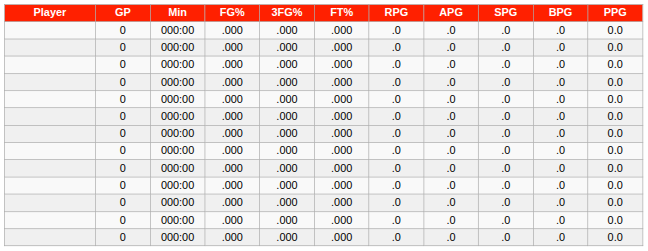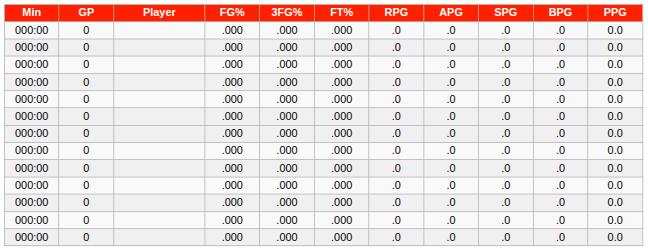 <table class="wikitable sortable">
 <tr>
+<th style="background:#ff2000; color:#fff; width:6%;">Min</th>
+<th style="background:#ff2000; color:#fff; width:6%;">GP</th>
 <th style="background:#ff2000; color:#fff; width:10%;">Player</th>
-<th style="background:#ff2000; color:#fff; width:6%;">GP</th>
-<th style="background:#ff2000; color:#fff; width:6%;">Min</th>
 <th style="background:#ff2000; color:#fff; width:6%;">FG%</th>
 <th style="background:#ff2000; color:#fff; width:6%;">3FG%</th>
 <th style="background:#ff2000; color:#fff; width:6%;">FT%</th>
 <th style="background:#ff2000; color:#fff; width:6%;">RPG</th>
 <th style="background:#ff2000; color:#fff; width:6%;">APG</th>
 <th style="background:#ff2000; color:#fff; width:6%;">SPG</th>
 <th style="background:#ff2000; color:#fff; width:6%;">BPG</th>
 <th style="background:#ff2000; color:#fff; width:6%;">PPG</th>
 </tr>
 <tr style="text-align:center;" bgcolor="">
+<td>000:00</td>
+<td>0</td>
 <td><strong></strong></td>
-<td>0</td>
-<td>000:00</td>
 <td>.000</td>
 <td>.000</td>
 <td>.000</td>
 <td>.0</td>
 <td>.0</td>
 <td>.0</td>
 <td>.0</td>
 <td>0.0</td>
 </tr>
 <tr style="text-align:center; background:#f0f0f0;">
+<td>000:00</td>
+<td>0</td>
 <td></td>
-<td>0</td>
-<td>000:00</td>
 <td>.000</td>
 <td>.000</td>
 <td>.000</td>
 <td>.0</td>
 <td>.0</td>
 <td>.0</td>
 <td>.0</td>
 <td>0.0</td>
 </tr>
 <tr style="text-align:center;" bgcolor="">
+<td>000:00</td>
+<td>0</td>
 <td></td>
-<td>0</td>
-<td>000:00</td>
 <td>.000</td>
 <td>.000</td>
 <td>.000</td>
 <td>.0</td>
 <td>.0</td>
 <td>.0</td>
 <td>.0</td>
 <td>0.0</td>
 </tr>
 <tr style="text-align:center; background:#f0f0f0;">
+<td>000:00</td>
+<td>0</td>
 <td><strong></strong></td>
-<td>0</td>
-<td>000:00</td>
 <td>.000</td>
 <td>.000</td>
 <td>.000</td>
 <td>.0</td>
 <td>.0</td>
 <td>.0</td>
 <td>.0</td>
 <td>0.0</td>
 </tr>
 <tr style="text-align:center;" bgcolor="">
+<td>000:00</td>
+<td>0</td>
 <td><strong></strong></td>
-<td>0</td>
-<td>000:00</td>
 <td>.000</td>
 <td>.000</td>
 <td>.000</td>
 <td>.0</td>
 <td>.0</td>
 <td>.0</td>
 <td>.0</td>
 <td>0.0</td>
 </tr>
 <tr style="text-align:center; background:#f0f0f0;">
+<td>000:00</td>
+<td>0</td>
 <td><strong></strong></td>
-<td>0</td>
-<td>000:00</td>
 <td>.000</td>
 <td>.000</td>
 <td>.000</td>
 <td>.0</td>
 <td>.0</td>
 <td>.0</td>
 <td>.0</td>
 <td>0.0</td>
 </tr>
 <tr style="text-align:center; background:#f0f0f0;">
+<td>000:00</td>
+<td>0</td>
 <td><strong></strong></td>
-<td>0</td>
-<td>000:00</td>
 <td>.000</td>
 <td>.000</td>
 <td>.000</td>
 <td>.0</td>
 <td>.0</td>
 <td>.0</td>
 <td>.0</td>
 <td>0.0</td>
 </tr>
 <tr style="text-align:center;" bgcolor="">
+<td>000:00</td>
+<td>0</td>
 <td></td>
-<td>0</td>
-<td>000:00</td>
 <td>.000</td>
 <td>.000</td>
 <td>.000</td>
 <td>.0</td>
 <td>.0</td>
 <td>.0</td>
 <td>.0</td>
 <td>0.0</td>
 </tr>
 <tr style="text-align:center; background:#f0f0f0;">
+<td>000:00</td>
+<td>0</td>
 <td></td>
-<td>0</td>
-<td>000:00</td>
 <td>.000</td>
 <td>.000</td>
 <td>.000</td>
 <td>.0</td>
 <td>.0</td>
 <td>.0</td>
 <td>.0</td>
 <td>0.0</td>
 </tr>
 <tr style="text-align:center;" bgcolor="">
+<td>000:00</td>
+<td>0</td>
 <td></td>
-<td>0</td>
-<td>000:00</td>
 <td>.000</td>
 <td>.000</td>
 <td>.000</td>
 <td>.0</td>
 <td>.0</td>
 <td>.0</td>
 <td>.0</td>
 <td>0.0</td>
 </tr>
 <tr style="text-align:center; background:#f0f0f0;">
+<td>000:00</td>
+<td>0</td>
 <td></td>
-<td>0</td>
-<td>000:00</td>
 <td>.000</td>
 <td>.000</td>
 <td>.000</td>
 <td>.0</td>
 <td>.0</td>
 <td>.0</td>
 <td>.0</td>
 <td>0.0</td>
 </tr>
 <tr style="text-align:center;" bgcolor="">
+<td>000:00</td>
+<td>0</td>
 <td></td>
-<td>0</td>
-<td>000:00</td>
 <td>.000</td>
 <td>.000</td>
 <td>.000</td>
 <td>.0</td>
 <td>.0</td>
 <td>.0</td>
 <td>.0</td>
 <td>0.0</td>
 </tr>
 <tr style="text-align:center; background:#f0f0f0;">
+<td>000:00</td>
+<td>0</td>
 <td></td>
-<td>0</td>
-<td>000:00</td>
 <td>.000</td>
 <td>.000</td>
 <td>.000</td>
 <td>.0</td>
 <td>.0</td>
 <td>.0</td>
 <td>.0</td>
 <td>0.0</td>
 </tr>
 </table>
